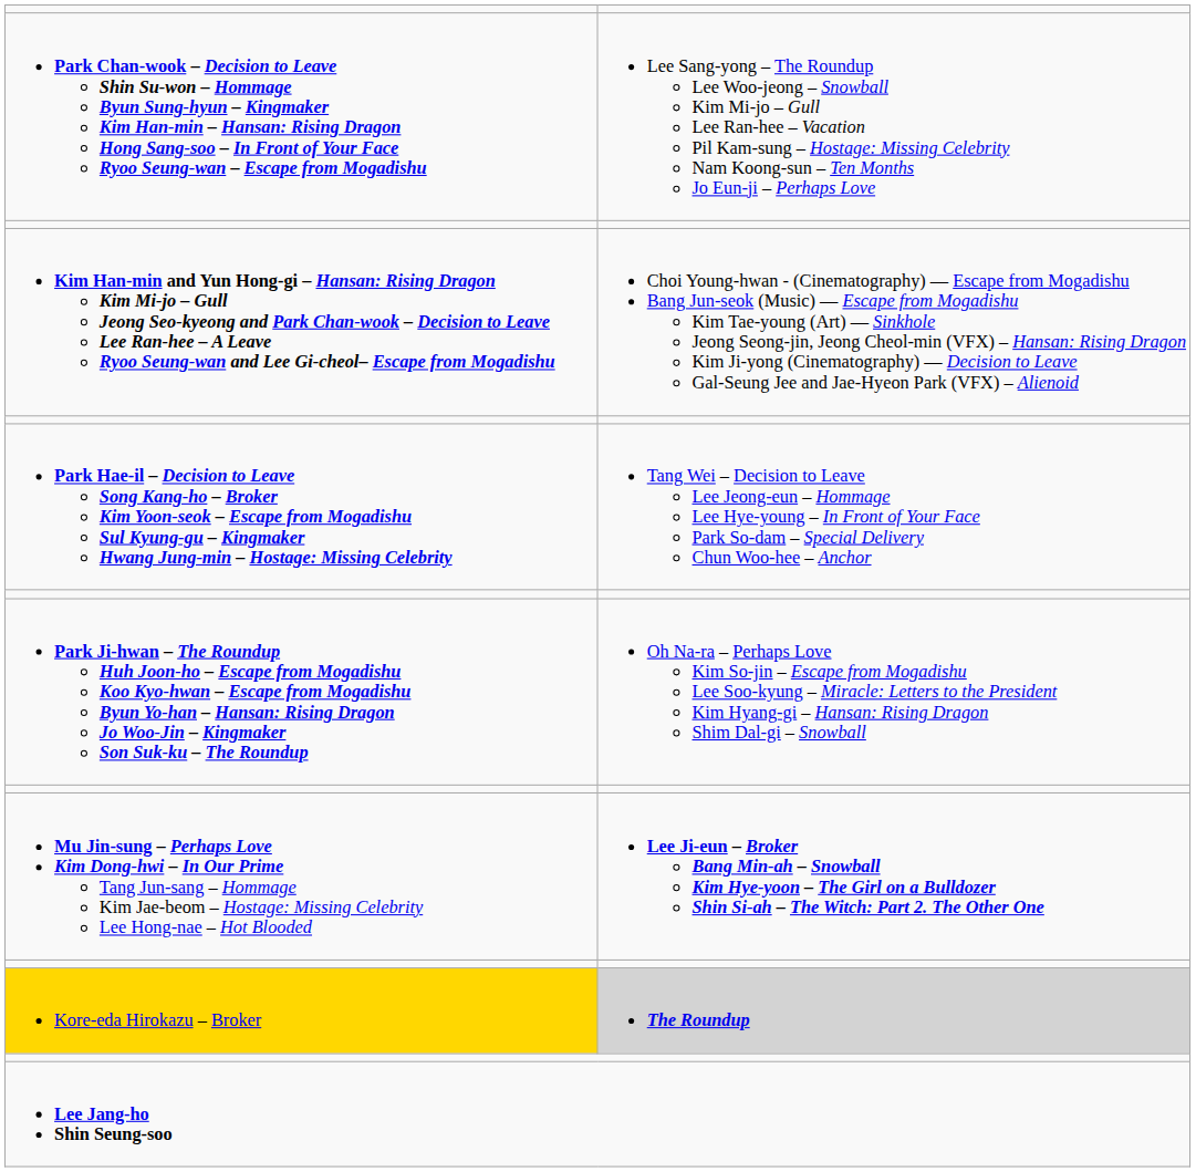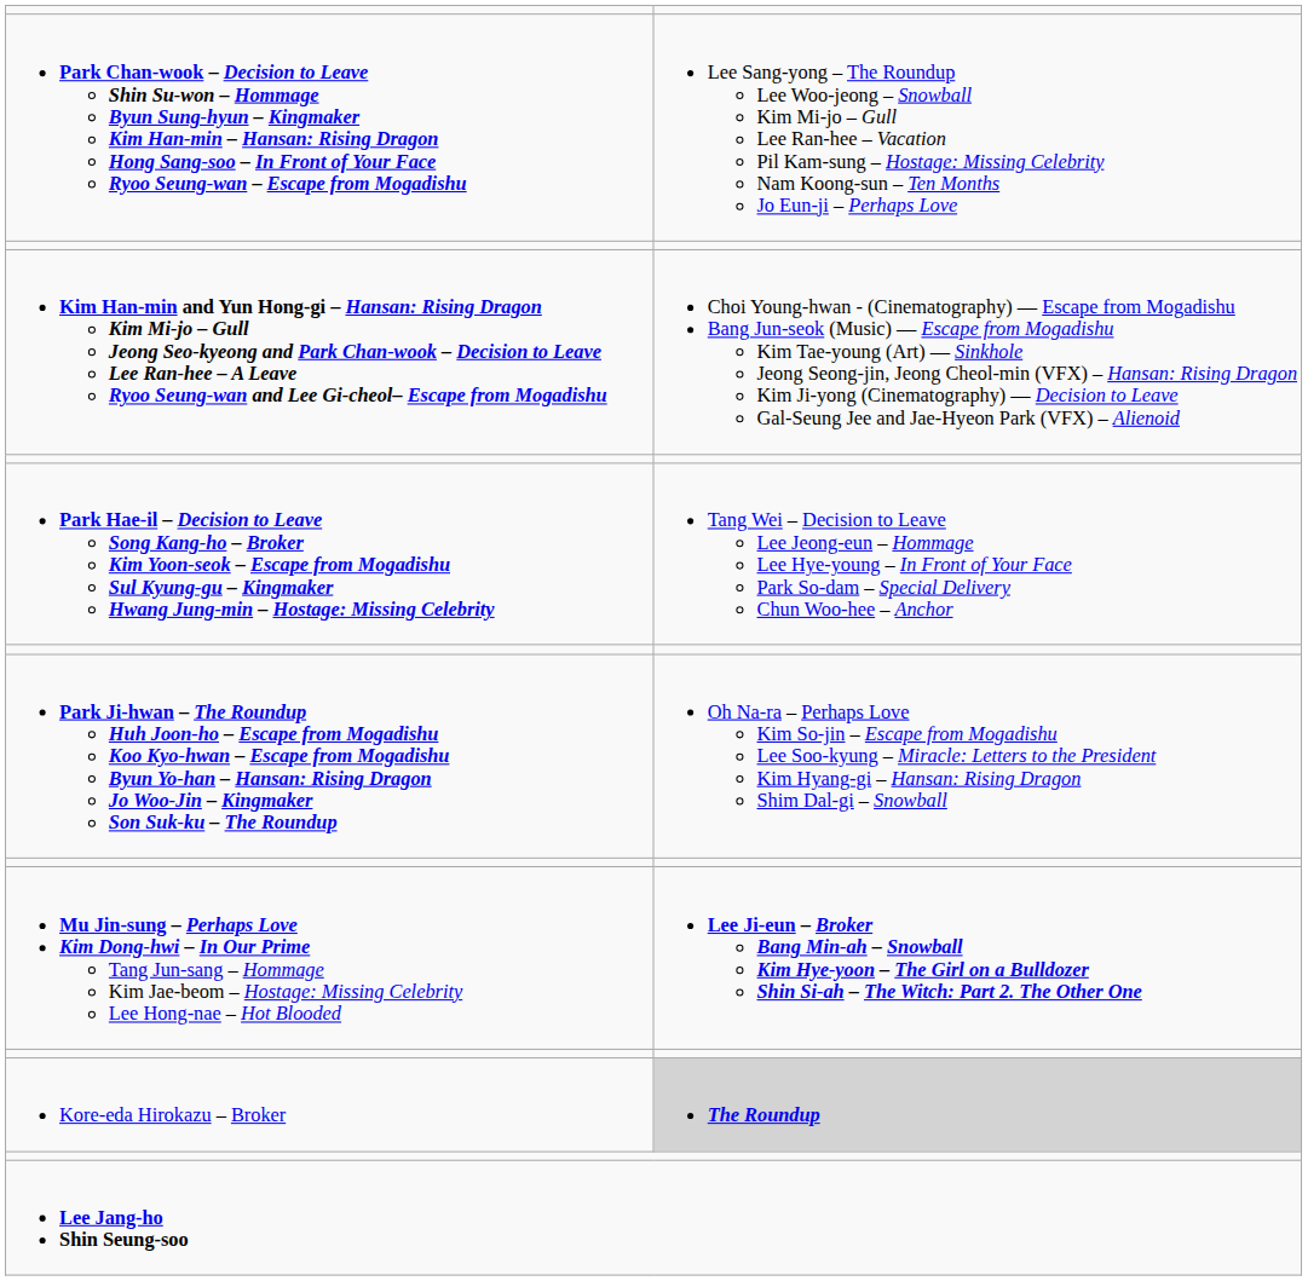 <table class="wikitable ">
 <tr>
 <td style="vertical-align:top; width:50%;"></td>
 <td style="vertical-align:top; width:50%;"></td>
 </tr>
 <tr>
 <td valign="top"><br><ul><li><strong><a href='#'>Park Chan-wook</a> – <em><a href='#'>Decision to Leave</a><strong><em><ul><li>Shin Su-won – </em><a href='#'>Hommage</a><em></li><li><a href='#'>Byun Sung-hyun</a> – </em><a href='#'>Kingmaker</a><em></li><li><a href='#'>Kim Han-min</a> – </em><a href='#'>Hansan: Rising Dragon</a><em></li><li><a href='#'>Hong Sang-soo</a> – </em><a href='#'>In Front of Your Face</a><em></li><li><a href='#'>Ryoo Seung-wan</a> – </em><a href='#'>Escape from Mogadishu</a><em></li></ul></li></ul></td>
 <td valign="top"><br><ul><li></strong>Lee Sang-yong – </em><a href='#'>The Roundup</a></em></strong><ul><li>Lee Woo-jeong – <em><a href='#'>Snowball</a></em></li><li>Kim Mi-jo – <em>Gull</em></li><li>Lee Ran-hee – <em>Vacation</em></li><li>Pil Kam-sung – <em><a href='#'>Hostage: Missing Celebrity</a></em></li><li>Nam Koong-sun – <em><a href='#'>Ten Months</a></em></li><li><a href='#'>Jo Eun-ji</a> – <em><a href='#'>Perhaps Love</a></em></li></ul></li></ul></td>
 </tr>
 <tr>
 <td style="vertical-align:top; width:50%;"></td>
 <td style="vertical-align:top; width:50%;"></td>
 </tr>
 <tr>
 <td valign="top"><br><ul><li><strong><a href='#'>Kim Han-min</a> and Yun Hong-gi – <em><a href='#'>Hansan: Rising Dragon</a><strong><em><ul><li>Kim Mi-jo – </em>Gull<em></li><li>Jeong Seo-kyeong and <a href='#'>Park Chan-wook</a> – </em><a href='#'>Decision to Leave</a><em></li><li>Lee Ran-hee – </em>A Leave<em></li><li><a href='#'>Ryoo Seung-wan</a> and Lee Gi-cheol– </em><a href='#'>Escape from Mogadishu</a><em></li></ul></li></ul></td>
 <td valign="top"><br><ul><li></strong>Choi Young-hwan - (Cinematography) — </em><a href='#'>Escape from Mogadishu</a></em></strong></li><li><a href='#'>Bang Jun-seok</a> (Music) — <em><a href='#'>Escape from Mogadishu</a></em><ul><li>Kim Tae-young (Art) — <em><a href='#'>Sinkhole</a></em></li><li>Jeong Seong-jin, Jeong Cheol-min  (VFX) – <em><a href='#'>Hansan: Rising Dragon</a></em></li><li>Kim Ji-yong (Cinematography) — <em><a href='#'>Decision to Leave</a></em></li><li>Gal-Seung Jee and Jae-Hyeon Park (VFX) – <em><a href='#'>Alienoid</a></em></li></ul></li></ul></td>
 </tr>
 <tr>
 <td style="vertical-align:top; width:50%;"></td>
 <td style="vertical-align:top; width:50%;"></td>
 </tr>
 <tr>
 <td valign="top"><br><ul><li><strong><a href='#'>Park Hae-il</a> – <em><a href='#'>Decision to Leave</a><strong><em><ul><li><a href='#'>Song Kang-ho</a> – </em><a href='#'>Broker</a><em></li><li><a href='#'>Kim Yoon-seok</a> – </em><a href='#'>Escape from Mogadishu</a><em></li><li><a href='#'>Sul Kyung-gu</a> – </em><a href='#'>Kingmaker</a><em></li><li><a href='#'>Hwang Jung-min</a> – </em><a href='#'>Hostage: Missing Celebrity</a><em></li></ul></li></ul></td>
 <td valign="top"><br><ul><li></strong><a href='#'>Tang Wei</a> – </em><a href='#'>Decision to Leave</a></em></strong><ul><li><a href='#'>Lee Jeong-eun</a> – <em><a href='#'>Hommage</a></em></li><li><a href='#'>Lee Hye-young</a> – <em><a href='#'>In Front of Your Face</a></em></li><li><a href='#'>Park So-dam</a> – <em><a href='#'>Special Delivery</a></em></li><li><a href='#'>Chun Woo-hee</a> – <em><a href='#'>Anchor</a></em></li></ul></li></ul></td>
 </tr>
 <tr>
 <td style="vertical-align:top; width:50%;"></td>
 <td style="vertical-align:top; width:50%;"></td>
 </tr>
 <tr>
 <td valign="top"><br><ul><li><strong><a href='#'>Park Ji-hwan</a> – <em><a href='#'>The Roundup</a><strong><em><ul><li><a href='#'>Huh Joon-ho</a> – </em><a href='#'>Escape from Mogadishu</a><em></li><li><a href='#'>Koo Kyo-hwan</a> – </em><a href='#'>Escape from Mogadishu</a><em></li><li><a href='#'>Byun Yo-han</a> – </em><a href='#'>Hansan: Rising Dragon</a><em></li><li><a href='#'>Jo Woo-Jin</a> – </em><a href='#'>Kingmaker</a><em></li><li><a href='#'>Son Suk-ku</a> – </em><a href='#'>The Roundup</a><em></li></ul></li></ul></td>
 <td valign="top"><br><ul><li></strong><a href='#'>Oh Na-ra</a> – </em><a href='#'>Perhaps Love</a></em></strong><ul><li><a href='#'>Kim So-jin</a> – <em><a href='#'>Escape from Mogadishu</a></em></li><li><a href='#'>Lee Soo-kyung</a> – <em><a href='#'>Miracle: Letters to the President</a></em></li><li><a href='#'>Kim Hyang-gi</a> – <em><a href='#'>Hansan: Rising Dragon</a></em></li><li><a href='#'>Shim Dal-gi</a> – <em><a href='#'>Snowball</a></em></li></ul></li></ul></td>
 </tr>
 <tr>
 <td style="vertical-align:top; width:50%;"></td>
 <td style="vertical-align:top; width:50%;"></td>
 </tr>
 <tr>
 <td valign="top"><br><ul><li><strong><a href='#'>Mu Jin-sung</a> – <em><a href='#'>Perhaps Love</a><strong><em></li><li></strong><a href='#'>Kim Dong-hwi</a> – </em><a href='#'>In Our Prime</a></em></strong><ul><li><a href='#'>Tang Jun-sang</a> – <em><a href='#'>Hommage</a></em></li><li>Kim Jae-beom – <em><a href='#'>Hostage: Missing Celebrity</a></em></li><li><a href='#'>Lee Hong-nae</a> – <em><a href='#'>Hot Blooded</a></em></li></ul></li></ul></td>
 <td valign="top"><br><ul><li><strong><a href='#'>Lee Ji-eun</a> – <em><a href='#'>Broker</a><strong><em><ul><li><a href='#'>Bang Min-ah</a> – </em><a href='#'>Snowball</a><em></li><li><a href='#'>Kim Hye-yoon</a> – </em><a href='#'>The Girl on a Bulldozer</a><em></li><li><a href='#'>Shin Si-ah</a> – </em><a href='#'>The Witch: Part 2. The Other One</a><em></li></ul></li></ul></td>
 </tr>
 <tr>
 <td style="vertical-align:top; width:50%;"></td>
 <td style="vertical-align:top; width:50%;"></td>
 </tr>
 <tr>
-<td valign="top" style="background: gold;"><br><ul><li></strong><a href='#'>Kore-eda Hirokazu</a> – </em><a href='#'>Broker</a></em></strong></li></ul></td>
+<td valign="top"><br><ul><li></strong><a href='#'>Kore-eda Hirokazu</a> – </em><a href='#'>Broker</a></em></strong></li></ul></td>
 <td valign="top" style="background: lightgrey;"><br><ul><li><strong><em><a href='#'>The Roundup</a></em></strong></li></ul></td>
 </tr>
 <tr>
 <td colspan="2" style="vertical-align:top; width:50%;"></td>
 </tr>
 <tr>
 <td colspan="2" valign="top"><br><ul><li><strong><a href='#'>Lee Jang-ho</a></strong></li><li><strong>Shin Seung-soo</strong></li></ul></td>
 </tr>
 </table>
